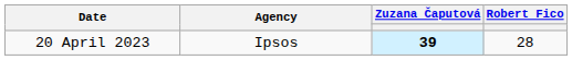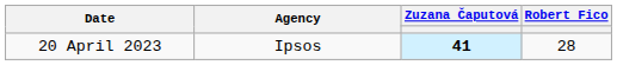 <table class="wikitable" style="text-align:center;">
 <tr style="font-size:80%;">
 <th style="width:150px;" rowspan="2">Date</th>
 <th style="width:165px;" rowspan="2">Agency</th>
 <th><a href='#'>Zuzana Čaputová</a></th>
 <th><a href='#'>Robert Fico</a></th>
 </tr>
 <tr>
 <th style="background:"></th>
 <th style="background:"></th>
 </tr>
 <tr>
 <td>20 April 2023</td>
 <td>Ipsos</td>
-<td style="background:#D1F1FF"><strong>39</strong></td>
+<td style="background:#D1F1FF"><strong>41</strong></td>
 <td>28</td>
 </tr>
 </table>
